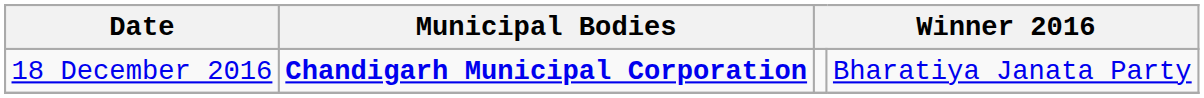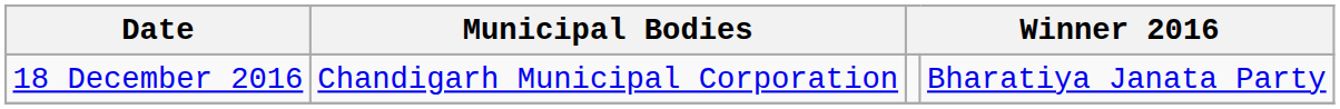 <table class="wikitable sortable">
 <tr>
 <th>Date</th>
 <th>Municipal Bodies</th>
 <th colspan="2">Winner 2016</th>
 </tr>
 <tr>
 <td><a href='#'>18 December 2016</a></td>
-<td><strong><a href='#'>Chandigarh Municipal Corporation</a></strong></td>
+<td><a href='#'>Chandigarh Municipal Corporation</a></td>
 <td></td>
 <td><a href='#'>Bharatiya Janata Party</a></td>
 </tr>
 <tr>
 </tr>
 </table>
